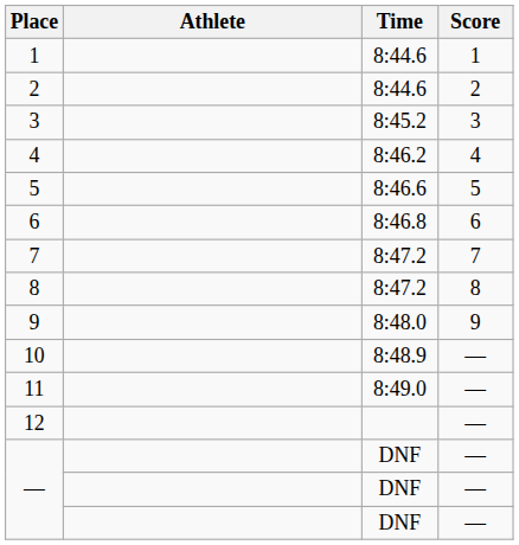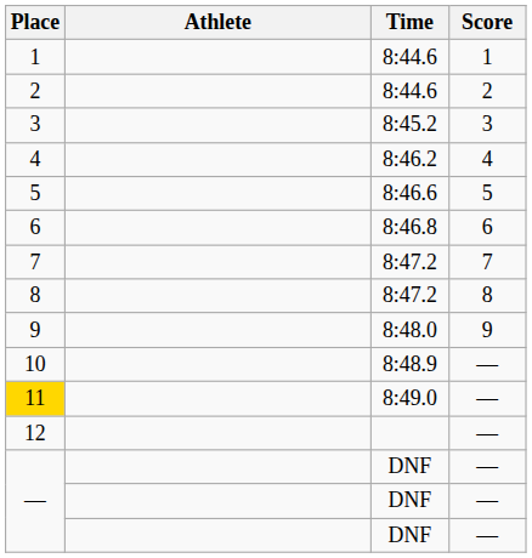 <table class=wikitable style="text-align:center">
 <tr>
 <th width=20>Place</th>
 <th width=220>Athlete</th>
 <th width=50>Time</th>
 <th width=50>Score</th>
 </tr>
 <tr>
 <td>1</td>
 <td align=left></td>
 <td>8:44.6</td>
 <td>1</td>
 </tr>
 <tr>
 <td>2</td>
 <td align=left></td>
 <td>8:44.6</td>
 <td>2</td>
 </tr>
 <tr>
 <td>3</td>
 <td align=left></td>
 <td>8:45.2</td>
 <td>3</td>
 </tr>
 <tr>
 <td>4</td>
 <td align=left></td>
 <td>8:46.2</td>
 <td>4</td>
 </tr>
 <tr>
 <td>5</td>
 <td align=left></td>
 <td>8:46.6</td>
 <td>5</td>
 </tr>
 <tr>
 <td>6</td>
 <td align=left></td>
 <td>8:46.8</td>
 <td>6</td>
 </tr>
 <tr>
 <td>7</td>
 <td align=left></td>
 <td>8:47.2</td>
 <td>7</td>
 </tr>
 <tr>
 <td>8</td>
 <td align=left></td>
 <td>8:47.2</td>
 <td>8</td>
 </tr>
 <tr>
 <td>9</td>
 <td align=left></td>
 <td>8:48.0</td>
 <td>9</td>
 </tr>
 <tr>
 <td>10</td>
 <td align=left><em></em></td>
 <td>8:48.9</td>
 <td>—</td>
 </tr>
 <tr>
-<td>11</td>
+<td style="background: gold;">11</td>
 <td align=left><em></em></td>
 <td>8:49.0</td>
 <td>—</td>
 </tr>
 <tr>
 <td>12</td>
 <td align=left><em></em></td>
 <td></td>
 <td>—</td>
 </tr>
 <tr>
 <td rowspan=3>—</td>
 <td align=left><em></em></td>
 <td>DNF</td>
 <td>—</td>
 </tr>
 <tr>
 <td align=left><em></em></td>
 <td>DNF</td>
 <td>—</td>
 </tr>
 <tr>
 <td align=left><em></em></td>
 <td>DNF</td>
 <td>—</td>
 </tr>
 </table>
